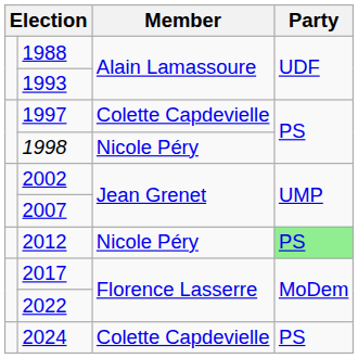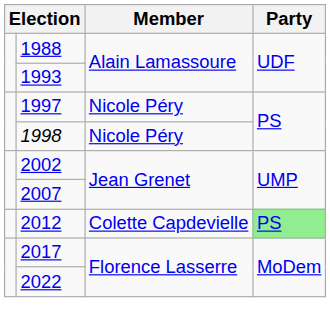 <table class="wikitable">
 <tr>
 <th colspan="2">Election</th>
 <th>Member</th>
 <th>Party</th>
 </tr>
 <tr>
 <td rowspan=2 style="background-color: "></td>
 <td><a href='#'>1988</a></td>
 <td rowspan=2><a href='#'>Alain Lamassoure</a></td>
 <td rowspan=2><a href='#'>UDF</a></td>
 </tr>
 <tr>
 <td><a href='#'>1993</a></td>
 </tr>
 <tr>
 <td rowspan="2" style="background-color: "></td>
 <td><a href='#'>1997</a></td>
-<td><a href='#'>Colette Capdevielle</a></td>
+<td><a href='#'>Nicole Péry</a></td>
 <td rowspan="2"><a href='#'>PS</a></td>
 </tr>
 <tr>
 <td><em>1998</em></td>
 <td><a href='#'>Nicole Péry</a></td>
 </tr>
 <tr>
 <td rowspan=2 style="background-color: "></td>
 <td><a href='#'>2002</a></td>
 <td rowspan=2><a href='#'>Jean Grenet</a></td>
 <td rowspan=2><a href='#'>UMP</a></td>
 </tr>
 <tr>
 <td><a href='#'>2007</a></td>
 </tr>
 <tr>
 <td style="background-color: "></td>
 <td><a href='#'>2012</a></td>
-<td><a href='#'>Nicole Péry</a></td>
+<td><a href='#'>Colette Capdevielle</a></td>
 <td style="background: lightgreen;"><a href='#'>PS</a></td>
 </tr>
 <tr>
 <td rowspan=2 style="background-color: "></td>
 <td><a href='#'>2017</a></td>
 <td rowspan="2"><a href='#'>Florence Lasserre</a></td>
 <td rowspan="2"><a href='#'>MoDem</a></td>
 </tr>
 <tr>
 <td><a href='#'>2022</a></td>
 </tr>
-<tr>
-<td style="background-color: "></td>
-<td><a href='#'>2024</a></td>
-<td><a href='#'>Colette Capdevielle</a></td>
-<td><a href='#'>PS</a></td>
-</tr>
 </table>
